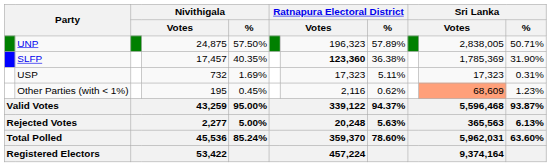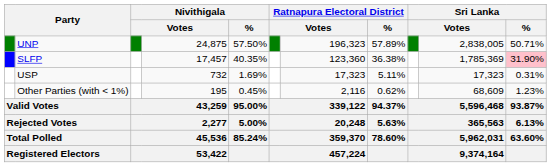 <table class="wikitable">
 <tr>
 <th colspan="2" width="144px"rowspan="2">Party</th>
 <th colspan="3" width="216px">Nivithigala</th>
 <th colspan="3" width="216px"><a href='#'>Ratnapura Electoral District</a></th>
 <th colspan="3" width="216px">Sri Lanka</th>
 </tr>
 <tr>
 <th colspan="2" width="144px">Votes</th>
 <th>%</th>
 <th colspan="2" width="144px">Votes</th>
 <th>%</th>
 <th colspan="2" width="144px">Votes</th>
 <th>%</th>
 </tr>
 <tr>
 <td style="background-color:green;" width="10px"></td>
 <td style="text-align:left;"><a href='#'>UNP</a></td>
 <td style="background-color:green;" width="10px"></td>
 <td style="text-align:right;">24,875</td>
 <td style="text-align:right;">57.50%</td>
 <td style="background-color:green;" width="10px"></td>
 <td style="text-align:right;">196,323</td>
 <td style="text-align:right;">57.89%</td>
 <td style="background-color:green;" width="10px"></td>
 <td style="text-align:right;">2,838,005</td>
 <td style="text-align:right;">50.71%</td>
 </tr>
 <tr>
 <td style="background-color:blue;" width="10px"></td>
 <td style="text-align:left;"><a href='#'>SLFP</a></td>
 <td style="background-color:white;" width="10px"></td>
 <td style="text-align:right;">17,457</td>
 <td style="text-align:right;">40.35%</td>
 <td style="background-color:white;" width="10px"></td>
-<td style="text-align:right;"><strong>123,360</strong></td>
+<td style="text-align:right;">123,360</td>
 <td style="text-align:right;">36.38%</td>
 <td style="background-color:white;" width="10px"></td>
 <td style="text-align:right;">1,785,369</td>
-<td style="text-align:right;">31.90%</td>
+<td style="background: pink; text-align:right;">31.90%</td>
 </tr>
 <tr>
 <td style="background-color:white;" width="10px"></td>
 <td style="text-align:left;">USP</td>
 <td style="background-color:white;" width="10px"></td>
 <td style="text-align:right;">732</td>
 <td style="text-align:right;">1.69%</td>
 <td style="background-color:white;" width="10px"></td>
 <td style="text-align:right;">17,323</td>
 <td style="text-align:right;">5.11%</td>
 <td style="background-color:white;" width="10px"></td>
 <td style="text-align:right;">17,323</td>
 <td style="text-align:right;">0.31%</td>
 </tr>
 <tr>
 <td style="background-color:white;" width="10px"></td>
 <td style="text-align:left;">Other Parties (with < 1%)</td>
 <td style="background-color:white;" width="10px"></td>
 <td style="text-align:right;">195</td>
 <td style="text-align:right;">0.45%</td>
 <td style="background-color:white;" width="10px"></td>
 <td style="text-align:right;">2,116</td>
 <td style="text-align:right;">0.62%</td>
 <td style="background-color:white;" width="10px"></td>
-<td style="background: lightsalmon; text-align:right;">68,609</td>
+<td style="text-align:right;">68,609</td>
 <td style="text-align:right;">1.23%</td>
 </tr>
 <tr>
 <th colspan="2" width="144px"style="text-align:left;">Valid Votes</th>
 <th style="text-align:right;"colspan="2" width="144px">43,259</th>
 <th style="text-align:right;">95.00%</th>
 <th style="text-align:right;"colspan="2" width="144px">339,122</th>
 <th style="text-align:right;">94.37%</th>
 <th style="text-align:right;"colspan="2" width="144px">5,596,468</th>
 <th style="text-align:right;">93.87%</th>
 </tr>
 <tr>
 <th colspan="2" width="144px"style="text-align:left;">Rejected Votes</th>
 <th style="text-align:right;"colspan="2" width="144px">2,277</th>
 <th style="text-align:right;">5.00%</th>
 <th style="text-align:right;"colspan="2" width="144px">20,248</th>
 <th style="text-align:right;">5.63%</th>
 <th style="text-align:right;"colspan="2" width="144px">365,563</th>
 <th style="text-align:right;">6.13%</th>
 </tr>
 <tr>
 <th colspan="2" width="144px"style="text-align:left;">Total Polled</th>
 <th style="text-align:right;"colspan="2" width="144px">45,536</th>
 <th style="text-align:right;">85.24%</th>
 <th style="text-align:right;"colspan="2" width="144px">359,370</th>
 <th style="text-align:right;">78.60%</th>
 <th style="text-align:right;"colspan="2" width="144px">5,962,031</th>
 <th style="text-align:right;">63.60%</th>
 </tr>
 <tr>
 <th colspan="2" width="144px"style="text-align:left;">Registered Electors</th>
 <th style="text-align:right;"colspan="2" width="144px">53,422</th>
 <th></th>
 <th style="text-align:right;"colspan="2" width="144px">457,224</th>
 <th></th>
 <th style="text-align:right;"colspan="2" width="144px">9,374,164</th>
 <th></th>
 </tr>
 </table>
